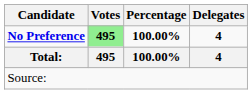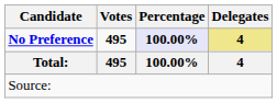 <table class="wikitable sortable tpl-blanktable" style="font-size:90%;text-align:center;">
 <tr>
 <th>Candidate</th>
 <th>Votes</th>
 <th>Percentage</th>
 <th>Delegates</th>
 </tr>
 <tr>
 <td style="text-align:left;"><strong><a href='#'>No Preference</a></strong></td>
-<td style="background: lightgreen;"><strong>495</strong></td>
-<td><strong>100.00%</strong></td>
-<td><strong>4</strong></td>
+<td><strong>495</strong></td>
+<td style="background: lavender;"><strong>100.00%</strong></td>
+<td style="background: khaki;"><strong>4</strong></td>
 </tr>
 <tr style="background:#eee;">
 <th>Total:</th>
 <th>495</th>
 <th>100.00%</th>
 <th>4</th>
 </tr>
 <tr>
 <td colspan="6" style="text-align:left;">Source:</td>
 </tr>
 </table>
